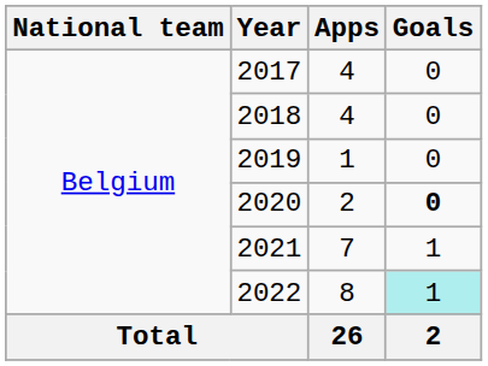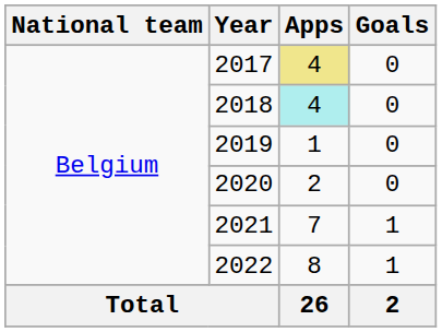 <table class="wikitable" style="text-align:center">
 <tr>
 <th>National team</th>
 <th>Year</th>
 <th>Apps</th>
 <th>Goals</th>
 </tr>
 <tr>
 <td rowspan="6"><a href='#'>Belgium</a></td>
 <td>2017</td>
-<td>4</td>
+<td style="background: khaki;">4</td>
 <td>0</td>
 </tr>
 <tr>
 <td>2018</td>
-<td>4</td>
+<td style="background: paleturquoise;">4</td>
 <td>0</td>
 </tr>
 <tr>
 <td>2019</td>
 <td>1</td>
 <td>0</td>
 </tr>
 <tr>
 <td>2020</td>
 <td>2</td>
-<td><strong>0</strong></td>
+<td>0</td>
 </tr>
 <tr>
 <td>2021</td>
 <td>7</td>
 <td>1</td>
 </tr>
 <tr>
 <td>2022</td>
 <td>8</td>
-<td style="background: paleturquoise;">1</td>
+<td>1</td>
 </tr>
 <tr>
 <th colspan=2>Total</th>
 <th>26</th>
 <th>2</th>
 </tr>
 </table>
